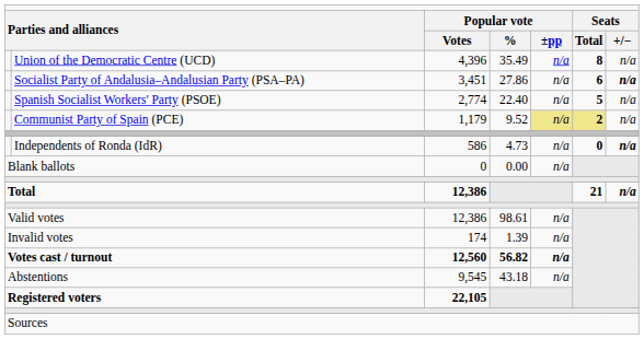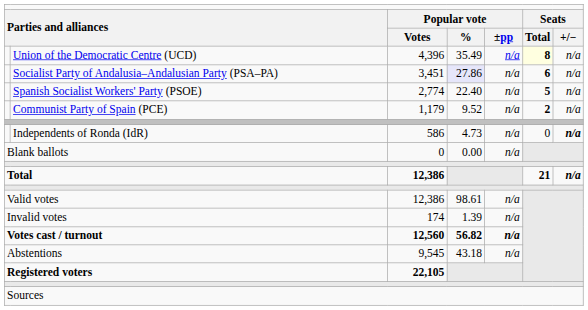 <table class="wikitable" style="text-align:right;">
 <tr>
 <td colspan="7"></td>
 </tr>
 <tr>
 <th style="text-align:left;" rowspan="2" colspan="2" width="525">Parties and alliances</th>
 <th colspan="3">Popular vote</th>
 <th colspan="2">Seats</th>
 </tr>
 <tr>
 <th width="75">Votes</th>
 <th width="45">%</th>
 <th width="45">±<a href='#'>pp</a></th>
 <th width="35">Total</th>
 <th width="35">+/−</th>
 </tr>
 <tr>
 <td width="1" style="color:inherit;background:"></td>
 <td align="left"><a href='#'>Union of the Democratic Centre</a> (UCD)</td>
 <td>4,396</td>
 <td>35.49</td>
 <td><em><a href='#'>n/a</a></em></td>
-<td><strong>8</strong></td>
+<td style="background: lightyellow;"><strong>8</strong></td>
 <td><em>n/a</em></td>
 </tr>
 <tr>
 <td style="color:inherit;background:"></td>
 <td align="left"><a href='#'>Socialist Party of Andalusia–Andalusian Party</a> (PSA–PA)</td>
 <td>3,451</td>
-<td>27.86</td>
+<td style="background: lavender;">27.86</td>
 <td><em>n/a</em></td>
 <td><strong>6</strong></td>
-<td><strong><em>n/a</em></strong></td>
+<td><em>n/a</em></td>
 </tr>
 <tr>
 <td style="color:inherit;background:"></td>
 <td align="left"><a href='#'>Spanish Socialist Workers' Party</a> (PSOE)</td>
 <td>2,774</td>
 <td>22.40</td>
 <td><em>n/a</em></td>
 <td><strong>5</strong></td>
 <td><em>n/a</em></td>
 </tr>
 <tr>
 <td style="color:inherit;background:"></td>
 <td align="left"><a href='#'>Communist Party of Spain</a> (PCE)</td>
 <td>1,179</td>
 <td>9.52</td>
-<td style="background: khaki;"><em>n/a</em></td>
-<td style="background: khaki;"><strong>2</strong></td>
+<td><em>n/a</em></td>
+<td><strong>2</strong></td>
 <td><em>n/a</em></td>
 </tr>
 <tr>
 <td colspan="7" bgcolor="#C0C0C0"></td>
 </tr>
 <tr>
 <td style="color:inherit;background:"></td>
 <td align="left">Independents of Ronda (IdR)</td>
 <td>586</td>
 <td>4.73</td>
 <td><em>n/a</em></td>
-<td><strong>0</strong></td>
+<td>0</td>
 <td><strong><em>n/a</em></strong></td>
 </tr>
 <tr>
 <td align="left" colspan="2">Blank ballots</td>
 <td>0</td>
 <td>0.00</td>
 <td><em>n/a</em></td>
 <td bgcolor="#E9E9E9" colspan="2"></td>
 </tr>
 <tr>
 <td colspan="7" bgcolor="#E9E9E9"></td>
 </tr>
 <tr style="font-weight:bold;">
 <td align="left" colspan="2">Total</td>
 <td>12,386</td>
 <td bgcolor="#E9E9E9" colspan="2"></td>
 <td>21</td>
 <td><em>n/a</em></td>
 </tr>
 <tr>
 <td colspan="7" bgcolor="#E9E9E9"></td>
 </tr>
 <tr>
 <td align="left" colspan="2">Valid votes</td>
 <td>12,386</td>
 <td>98.61</td>
 <td><em>n/a</em></td>
 <td bgcolor="#E9E9E9" colspan="2" rowspan="5"></td>
 </tr>
 <tr>
 <td align="left" colspan="2">Invalid votes</td>
 <td>174</td>
 <td>1.39</td>
 <td><em>n/a</em></td>
 </tr>
 <tr style="font-weight:bold;">
 <td align="left" colspan="2">Votes cast / turnout</td>
 <td>12,560</td>
 <td>56.82</td>
 <td><em>n/a</em></td>
 </tr>
 <tr>
 <td align="left" colspan="2">Abstentions</td>
 <td>9,545</td>
 <td>43.18</td>
 <td><em>n/a</em></td>
 </tr>
 <tr style="font-weight:bold;">
 <td align="left" colspan="2">Registered voters</td>
 <td>22,105</td>
 <td bgcolor="#E9E9E9" colspan="2"></td>
 </tr>
 <tr>
 <td colspan="7" bgcolor="#E9E9E9"></td>
 </tr>
 <tr>
 <td align="left" colspan="7">Sources</td>
 </tr>
 </table>
